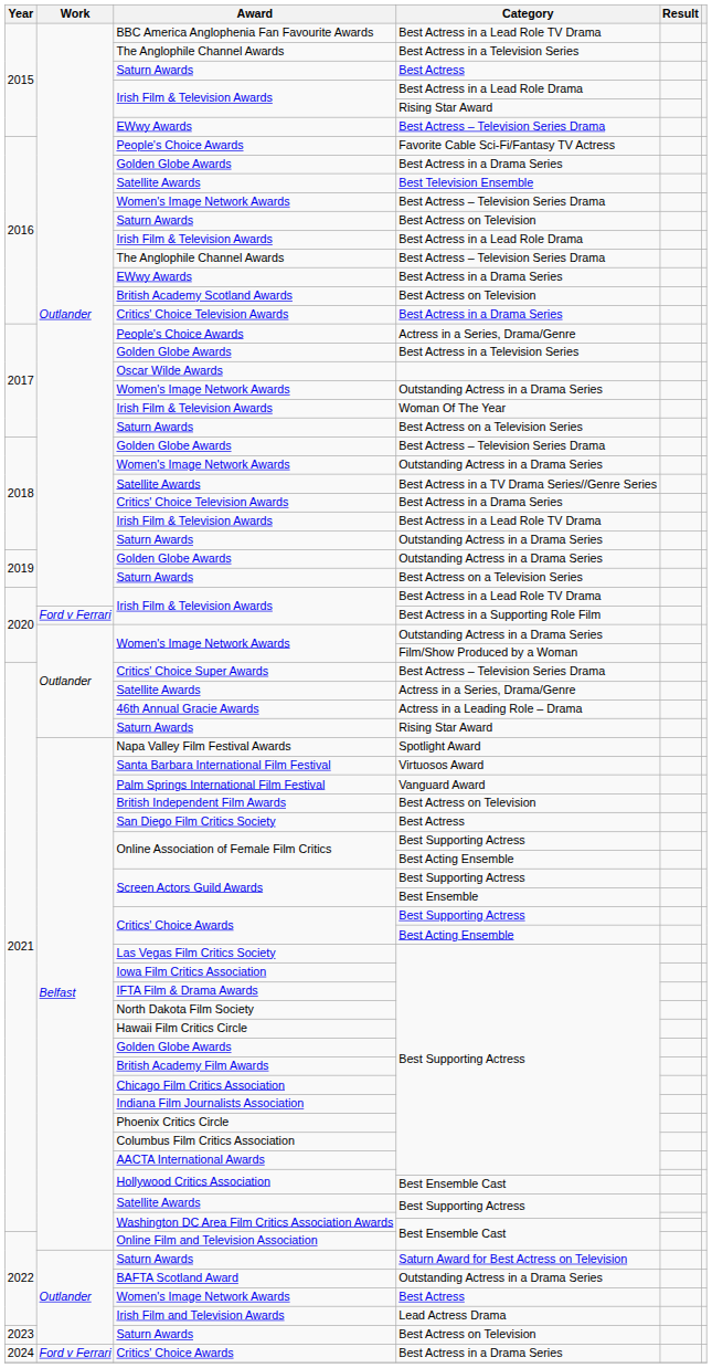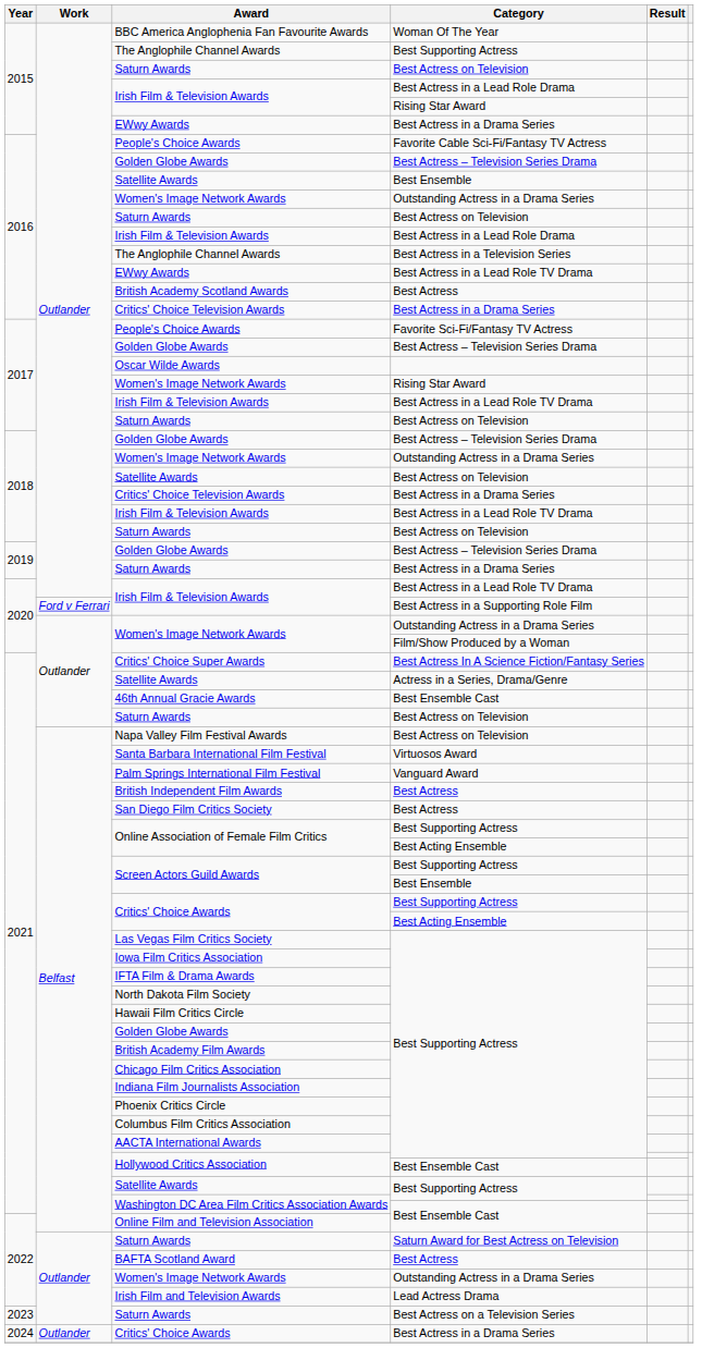 <table class="wikitable sortable">
 <tr>
 <th>Year</th>
 <th>Work</th>
 <th>Award</th>
 <th>Category</th>
 <th>Result</th>
 <th class="unsortable"></th>
 </tr>
 <tr>
 <td rowspan="6">2015</td>
 <td rowspan="31"><em><a href='#'>Outlander</a></em></td>
 <td>BBC America Anglophenia Fan Favourite Awards</td>
-<td>Best Actress in a Lead Role TV Drama</td>
+<td>Woman Of The Year</td>
 <td></td>
 <td style="text-align:center;"></td>
 </tr>
 <tr>
 <td>The Anglophile Channel Awards</td>
-<td>Best Actress in a Television Series</td>
+<td>Best Supporting Actress</td>
 <td></td>
 <td style="text-align:center;"></td>
 </tr>
 <tr>
 <td><a href='#'>Saturn Awards</a></td>
-<td><a href='#'>Best Actress</a></td>
+<td><a href='#'>Best Actress on Television</a></td>
 <td></td>
 <td style="text-align:center;"></td>
 </tr>
 <tr>
 <td rowspan="2"><a href='#'>Irish Film & Television Awards</a></td>
 <td>Best Actress in a Lead Role Drama</td>
 <td></td>
 <td style="text-align:center;" rowspan="2"></td>
 </tr>
 <tr>
 <td>Rising Star Award</td>
 <td></td>
 </tr>
 <tr>
 <td><a href='#'>EWwy Awards</a></td>
-<td><a href='#'>Best Actress – Television Series Drama</a></td>
+<td>Best Actress in a Drama Series</td>
 <td></td>
 <td style="text-align:center;"></td>
 </tr>
 <tr>
 <td rowspan="10">2016</td>
 <td><a href='#'>People's Choice Awards</a></td>
 <td>Favorite Cable Sci-Fi/Fantasy TV Actress</td>
 <td></td>
 <td style="text-align:center;"></td>
 </tr>
 <tr>
 <td><a href='#'>Golden Globe Awards</a></td>
-<td>Best Actress in a Drama Series</td>
+<td><a href='#'>Best Actress – Television Series Drama</a></td>
 <td></td>
 <td style="text-align:center;"></td>
 </tr>
 <tr>
 <td><a href='#'>Satellite Awards</a></td>
-<td><a href='#'>Best Television Ensemble</a></td>
+<td>Best Ensemble</td>
 <td></td>
 <td style="text-align:center;"></td>
 </tr>
 <tr>
 <td><a href='#'>Women's Image Network Awards</a></td>
-<td>Best Actress – Television Series Drama</td>
+<td>Outstanding Actress in a Drama Series</td>
 <td></td>
 <td style="text-align:center;"></td>
 </tr>
 <tr>
 <td><a href='#'>Saturn Awards</a></td>
 <td>Best Actress on Television</td>
 <td></td>
 <td style="text-align:center;"></td>
 </tr>
 <tr>
 <td><a href='#'>Irish Film & Television Awards</a></td>
 <td>Best Actress in a Lead Role Drama</td>
 <td></td>
 <td style="text-align:center;"></td>
 </tr>
 <tr>
 <td>The Anglophile Channel Awards</td>
-<td>Best Actress – Television Series Drama</td>
+<td>Best Actress in a Television Series</td>
 <td></td>
 <td style="text-align:center;"></td>
 </tr>
 <tr>
 <td><a href='#'>EWwy Awards</a></td>
-<td>Best Actress in a Drama Series</td>
+<td>Best Actress in a Lead Role TV Drama</td>
 <td></td>
 <td style="text-align:center;"></td>
 </tr>
 <tr>
 <td><a href='#'>British Academy Scotland Awards</a></td>
-<td>Best Actress on Television</td>
+<td>Best Actress</td>
 <td></td>
 <td style="text-align:center;"></td>
 </tr>
 <tr>
 <td><a href='#'>Critics' Choice Television Awards</a></td>
 <td><a href='#'>Best Actress in a Drama Series</a></td>
 <td></td>
 <td style="text-align:center;"></td>
 </tr>
 <tr>
 <td rowspan="6">2017</td>
 <td><a href='#'>People's Choice Awards</a></td>
-<td>Actress in a Series, Drama/Genre</td>
+<td>Favorite Sci-Fi/Fantasy TV Actress</td>
 <td></td>
 <td style="text-align:center;"></td>
 </tr>
 <tr>
 <td><a href='#'>Golden Globe Awards</a></td>
-<td>Best Actress in a Television Series</td>
+<td>Best Actress – Television Series Drama</td>
 <td></td>
 <td style="text-align:center;"></td>
 </tr>
 <tr>
 <td><a href='#'>Oscar Wilde Awards</a></td>
 <td></td>
 <td></td>
 <td style="text-align:center;"></td>
 </tr>
 <tr>
 <td><a href='#'>Women's Image Network Awards</a></td>
-<td>Outstanding Actress in a Drama Series</td>
+<td>Rising Star Award</td>
 <td></td>
 <td style="text-align:center;"></td>
 </tr>
 <tr>
 <td><a href='#'>Irish Film & Television Awards</a></td>
-<td>Woman Of The Year</td>
+<td>Best Actress in a Lead Role TV Drama</td>
 <td></td>
 <td style="text-align:center;"></td>
 </tr>
 <tr>
 <td><a href='#'>Saturn Awards</a></td>
-<td>Best Actress on a Television Series</td>
+<td>Best Actress on Television</td>
 <td></td>
 <td style="text-align:center;"></td>
 </tr>
 <tr>
 <td rowspan="6">2018</td>
 <td><a href='#'>Golden Globe Awards</a></td>
 <td>Best Actress – Television Series Drama</td>
 <td></td>
 <td style="text-align:center;"></td>
 </tr>
 <tr>
 <td><a href='#'>Women's Image Network Awards</a></td>
 <td>Outstanding Actress in a Drama Series</td>
 <td></td>
 <td style="text-align:center;"></td>
 </tr>
 <tr>
 <td><a href='#'>Satellite Awards</a></td>
-<td>Best Actress in a TV Drama Series//Genre Series</td>
+<td>Best Actress on Television</td>
 <td></td>
 <td style="text-align:center;"></td>
 </tr>
 <tr>
 <td><a href='#'>Critics' Choice Television Awards</a></td>
 <td>Best Actress in a Drama Series</td>
 <td></td>
 <td style="text-align:center;"></td>
 </tr>
 <tr>
 <td><a href='#'>Irish Film & Television Awards</a></td>
 <td>Best Actress in a Lead Role TV Drama</td>
 <td></td>
 <td style="text-align:center;"></td>
 </tr>
 <tr>
 <td><a href='#'>Saturn Awards</a></td>
-<td>Outstanding Actress in a Drama Series</td>
+<td>Best Actress on Television</td>
 <td></td>
 <td style="text-align:center;"></td>
 </tr>
 <tr>
 <td rowspan="2">2019</td>
 <td><a href='#'>Golden Globe Awards</a></td>
-<td>Outstanding Actress in a Drama Series</td>
+<td>Best Actress – Television Series Drama</td>
 <td></td>
 <td style="text-align:center;"></td>
 </tr>
 <tr>
 <td><a href='#'>Saturn Awards</a></td>
-<td>Best Actress on a Television Series</td>
+<td>Best Actress in a Drama Series</td>
 <td></td>
 <td style="text-align:center;"></td>
 </tr>
 <tr>
 <td rowspan="4">2020</td>
 <td rowspan="2"><a href='#'>Irish Film & Television Awards</a></td>
 <td>Best Actress in a Lead Role TV Drama</td>
 <td></td>
 <td style="text-align:center;" rowspan="2"></td>
 </tr>
 <tr>
 <td><em><a href='#'>Ford v Ferrari</a></em></td>
 <td>Best Actress in a Supporting Role Film</td>
 <td></td>
 </tr>
 <tr>
 <td rowspan="6"><em>Outlander</em></td>
 <td rowspan="2"><a href='#'>Women's Image Network Awards</a></td>
 <td>Outstanding Actress in a Drama Series</td>
 <td></td>
 <td style="text-align:center;" rowspan="2"></td>
 </tr>
 <tr>
 <td>Film/Show Produced by a Woman</td>
 <td></td>
 </tr>
 <tr>
 <td rowspan="32">2021</td>
 <td><a href='#'>Critics' Choice Super Awards</a></td>
-<td>Best Actress – Television Series Drama</td>
+<td><a href='#'>Best Actress In A Science Fiction/Fantasy Series</a></td>
 <td></td>
 <td style="text-align:center;"></td>
 </tr>
 <tr>
 <td><a href='#'>Satellite Awards</a></td>
 <td>Actress in a Series, Drama/Genre</td>
 <td></td>
 <td style="text-align:center;"></td>
 </tr>
 <tr>
 <td><a href='#'>46th Annual Gracie Awards</a></td>
-<td>Actress in a Leading Role – Drama</td>
+<td>Best Ensemble Cast</td>
 <td></td>
 <td style="text-align:center;"></td>
 </tr>
 <tr>
 <td><a href='#'>Saturn Awards</a></td>
-<td>Rising Star Award</td>
+<td>Best Actress on Television</td>
 <td></td>
 <td style="text-align:center;"></td>
 </tr>
 <tr>
 <td rowspan="29"><em><a href='#'>Belfast</a></em></td>
 <td>Napa Valley Film Festival Awards</td>
-<td>Spotlight Award</td>
+<td>Best Actress on Television</td>
 <td></td>
 <td style="text-align:center;"></td>
 </tr>
 <tr>
 <td><a href='#'>Santa Barbara International Film Festival</a></td>
 <td>Virtuosos Award</td>
 <td></td>
 <td style="text-align:center;"></td>
 </tr>
 <tr>
 <td><a href='#'>Palm Springs International Film Festival</a></td>
 <td>Vanguard Award</td>
 <td></td>
 <td style="text-align:center;"></td>
 </tr>
 <tr>
 <td><a href='#'>British Independent Film Awards</a></td>
-<td>Best Actress on Television</td>
+<td><a href='#'>Best Actress</a></td>
 <td></td>
 <td style="text-align:center;"></td>
 </tr>
 <tr>
 <td><a href='#'>San Diego Film Critics Society</a></td>
 <td>Best Actress</td>
 <td></td>
 <td style="text-align:center;"></td>
 </tr>
 <tr>
 <td rowspan="2">Online Association of Female Film Critics</td>
 <td>Best Supporting Actress</td>
 <td></td>
 <td rowspan="2" style="text-align:center;"></td>
 </tr>
 <tr>
 <td>Best Acting Ensemble</td>
 <td></td>
 </tr>
 <tr>
 <td rowspan="2"><a href='#'>Screen Actors Guild Awards</a></td>
 <td>Best Supporting Actress</td>
 <td></td>
 <td style="text-align:center;" rowspan="2"></td>
 </tr>
 <tr>
 <td>Best Ensemble</td>
 <td></td>
 </tr>
 <tr>
 <td rowspan="2"><a href='#'>Critics' Choice Awards</a></td>
 <td><a href='#'>Best Supporting Actress</a></td>
 <td></td>
 <td style="text-align:center;" rowspan="2"></td>
 </tr>
 <tr>
 <td><a href='#'>Best Acting Ensemble</a></td>
 <td></td>
 </tr>
 <tr>
 <td><a href='#'>Las Vegas Film Critics Society</a></td>
 <td rowspan="13">Best Supporting Actress</td>
 <td></td>
 <td style="text-align:center;"></td>
 </tr>
 <tr>
 <td><a href='#'>Iowa Film Critics Association</a></td>
 <td></td>
 <td style="text-align:center;"></td>
 </tr>
 <tr>
 <td><a href='#'>IFTA Film & Drama Awards</a></td>
 <td></td>
 <td style="text-align:center;"></td>
 </tr>
 <tr>
 <td>North Dakota Film Society</td>
 <td></td>
 <td style="text-align:center;"></td>
 </tr>
 <tr>
 <td>Hawaii Film Critics Circle</td>
 <td></td>
 <td style="text-align:center;"></td>
 </tr>
 <tr>
 <td><a href='#'>Golden Globe Awards</a></td>
 <td></td>
 <td style="text-align:center;"></td>
 </tr>
 <tr>
 <td><a href='#'>British Academy Film Awards</a></td>
 <td></td>
 <td style="text-align:center;"></td>
 </tr>
 <tr>
 <td><a href='#'>Chicago Film Critics Association</a></td>
 <td></td>
 <td style="text-align:center;"></td>
 </tr>
 <tr>
 <td><a href='#'>Indiana Film Journalists Association</a></td>
 <td></td>
 <td style="text-align:center;"></td>
 </tr>
 <tr>
 <td>Phoenix Critics Circle</td>
 <td></td>
 <td style="text-align:center;"></td>
 </tr>
 <tr>
 <td>Columbus Film Critics Association</td>
 <td></td>
 <td style="text-align:center;"></td>
 </tr>
 <tr>
 <td><a href='#'>AACTA International Awards</a></td>
 <td></td>
 <td style="text-align:center;"></td>
 </tr>
 <tr>
 <td rowspan="2"><a href='#'>Hollywood Critics Association</a></td>
 <td></td>
 <td style="text-align:center;" rowspan="2"></td>
 </tr>
 <tr>
 <td>Best Ensemble Cast</td>
 <td></td>
 </tr>
 <tr>
 <td><a href='#'>Satellite Awards</a></td>
 <td rowspan="2">Best Supporting Actress</td>
 <td></td>
 <td style="text-align:center;"></td>
 </tr>
 <tr>
 <td rowspan="2"><a href='#'>Washington DC Area Film Critics Association Awards</a></td>
 <td></td>
 <td style="text-align:center;" rowspan="2"></td>
 </tr>
 <tr>
 <td rowspan="2">Best Ensemble Cast</td>
 <td></td>
 </tr>
 <tr>
 <td rowspan="5">2022</td>
 <td><a href='#'>Online Film and Television Association</a></td>
 <td></td>
 <td style="text-align:center;"></td>
 </tr>
 <tr>
 <td rowspan="5”"><em><a href='#'>Outlander</a></em></td>
 <td><a href='#'>Saturn Awards</a></td>
 <td><a href='#'>Saturn Award for Best Actress on Television</a></td>
 <td></td>
 <td style="text-align:center;"></td>
 </tr>
 <tr>
 <td><a href='#'>BAFTA Scotland Award</a></td>
-<td>Outstanding Actress in a Drama Series</td>
+<td><a href='#'>Best Actress</a></td>
 <td></td>
 <td style="text-align:center;"></td>
 </tr>
 <tr>
 <td><a href='#'>Women's Image Network Awards</a></td>
-<td><a href='#'>Best Actress</a></td>
+<td>Outstanding Actress in a Drama Series</td>
 <td></td>
 <td style="text-align:center;"></td>
 </tr>
 <tr>
 <td><a href='#'>Irish Film and Television Awards</a></td>
 <td>Lead Actress Drama</td>
 <td></td>
 <td style="text-align:center;"></td>
 </tr>
 <tr>
 <td>2023</td>
 <td><a href='#'>Saturn Awards</a></td>
-<td>Best Actress on Television</td>
+<td>Best Actress on a Television Series</td>
 <td></td>
 <td style="text-align:center;"></td>
 </tr>
 <tr>
 <td>2024</td>
-<td><em><a href='#'>Ford v Ferrari</a></em></td>
+<td><em><a href='#'>Outlander</a></em></td>
 <td><a href='#'>Critics' Choice Awards</a></td>
 <td>Best Actress in a Drama Series</td>
 <td></td>
 <td style="text-align:center;"></td>
 </tr>
 <tr>
 </tr>
 </table>
